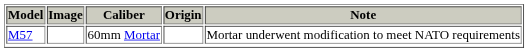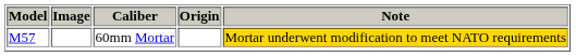 <table border=1 style="border-collapse:">
 <tr bgcolor=ccccc>
 <th>Model</th>
 <th>Image</th>
 <th>Caliber</th>
 <th>Origin</th>
 <th>Note</th>
 </tr>
 <tr>
 <td><a href='#'>M57</a></td>
 <td></td>
 <td>60mm <a href='#'>Mortar</a></td>
 <td></td>
-<td>Mortar underwent modification to meet NATO requirements</td>
+<td style="background: gold;">Mortar underwent modification to meet NATO requirements</td>
 </tr>
 <tr>
 </tr>
 </table>
